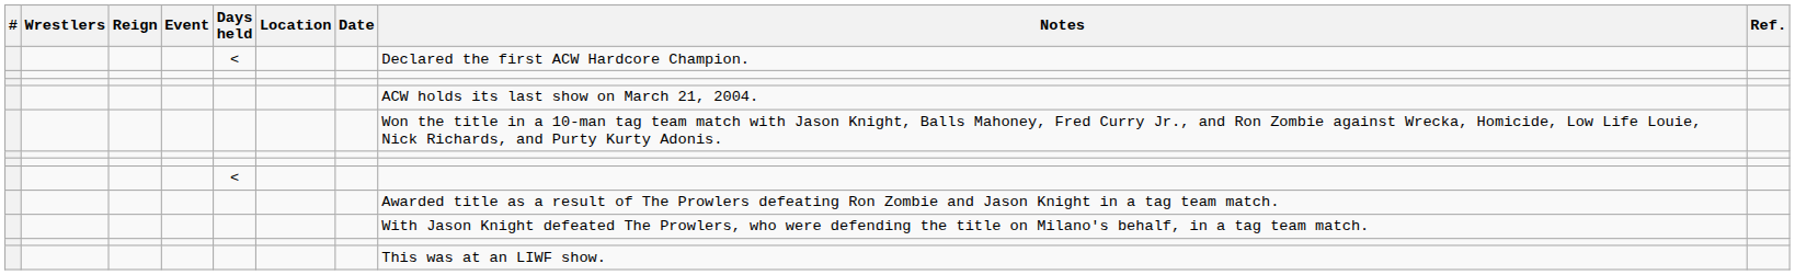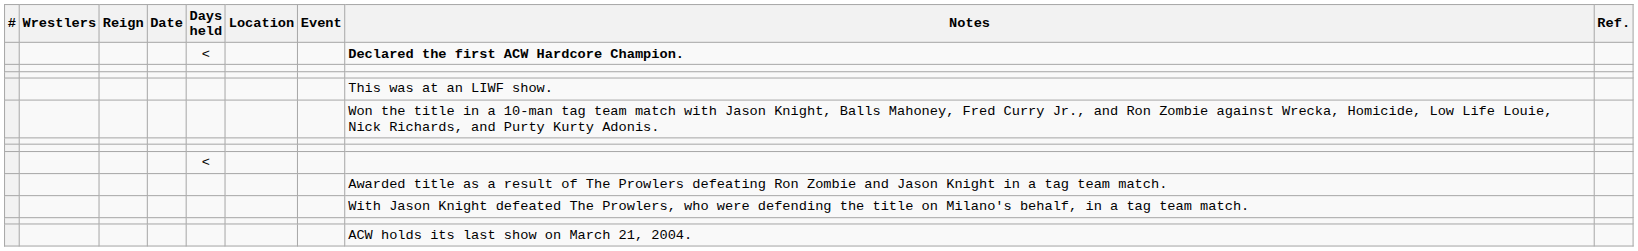 <table class="wikitable sortable" width=98% style="text-align:center;">
 <tr>
 <th>#</th>
 <th>Wrestlers</th>
 <th>Reign</th>
-<th>Event</th>
+<th>Date</th>
 <th>Days<br>held</th>
 <th>Location</th>
-<th>Date</th>
+<th>Event</th>
 <th>Notes</th>
 <th>Ref.</th>
 </tr>
 <tr>
 <th></th>
 <td></td>
 <td></td>
 <td></td>
 <td><</td>
 <td></td>
 <td></td>
-<td align="left">Declared the first ACW Hardcore Champion.</td>
+<td align="left"><strong>Declared the first ACW Hardcore Champion.</strong></td>
 <td align="left"></td>
 </tr>
 <tr>
 <th></th>
 <td></td>
 <td></td>
 <td></td>
 <td></td>
 <td></td>
 <td></td>
 <td align="left"></td>
 <td align="left"></td>
 </tr>
 <tr>
 <th></th>
 <td></td>
 <td></td>
 <td></td>
 <td></td>
 <td></td>
 <td></td>
 <td align="left"></td>
 <td align="left"></td>
 </tr>
 <tr>
 <th></th>
 <td></td>
 <td></td>
 <td></td>
 <td></td>
 <td></td>
 <td></td>
-<td align="left">ACW holds its last show on March 21, 2004.</td>
+<td align="left">This was at an LIWF show.</td>
 <td align="left"></td>
 </tr>
 <tr>
 <th></th>
 <td></td>
 <td></td>
 <td></td>
 <td></td>
 <td></td>
 <td></td>
 <td align="left">Won the title in a 10-man tag team match with Jason Knight, Balls Mahoney, Fred Curry Jr., and Ron Zombie against Wrecka, Homicide, Low Life Louie, Nick Richards, and Purty Kurty Adonis.</td>
 <td align="left"></td>
 </tr>
 <tr>
 <th></th>
 <td></td>
 <td></td>
 <td></td>
 <td></td>
 <td></td>
 <td></td>
 <td align="left"></td>
 <td align="left"></td>
 </tr>
 <tr>
 <th></th>
 <td></td>
 <td></td>
 <td></td>
 <td></td>
 <td></td>
 <td></td>
 <td align="left"></td>
 <td align="left"></td>
 </tr>
 <tr>
 <th></th>
 <td></td>
 <td></td>
 <td></td>
 <td><</td>
 <td></td>
 <td></td>
 <td align="left"></td>
 <td align="left"></td>
 </tr>
 <tr>
 <th></th>
 <td></td>
 <td></td>
 <td></td>
 <td></td>
 <td></td>
 <td></td>
 <td align="left">Awarded title as a result of The Prowlers defeating Ron Zombie and Jason Knight in a tag team match.</td>
 <td align="left"></td>
 </tr>
 <tr>
 <th></th>
 <td></td>
 <td></td>
 <td></td>
 <td></td>
 <td></td>
 <td></td>
 <td align="left">With Jason Knight defeated The Prowlers, who were defending the title on Milano's behalf, in a tag team match.</td>
 <td align="left"></td>
 </tr>
 <tr>
 <th></th>
 <td></td>
 <td></td>
 <td></td>
 <td></td>
 <td></td>
 <td></td>
 <td align="left"></td>
 <td align="left"></td>
 </tr>
 <tr>
 <th></th>
 <td></td>
 <td></td>
 <td></td>
 <td></td>
 <td></td>
 <td></td>
-<td align="left">This was at an LIWF show.</td>
+<td align="left">ACW holds its last show on March 21, 2004.</td>
 <td align="left"></td>
 </tr>
 </table>
